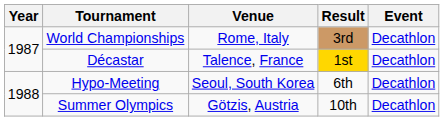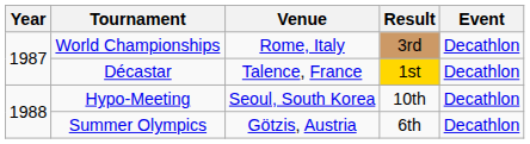 <table class="wikitable" style=" text-align:center; font-size:95%;" width="75%">
 <tr>
 <th>Year</th>
 <th>Tournament</th>
 <th>Venue</th>
 <th>Result</th>
 <th>Event</th>
 </tr>
 <tr>
 <td rowspan=2>1987</td>
 <td><a href='#'>World Championships</a></td>
 <td><a href='#'>Rome, Italy</a></td>
 <td bgcolor=cc9966>3rd</td>
 <td><a href='#'>Decathlon</a></td>
 </tr>
 <tr>
 <td><a href='#'>Décastar</a></td>
 <td><a href='#'>Talence</a>, <a href='#'>France</a></td>
 <td bgcolor="gold">1st</td>
 <td><a href='#'>Decathlon</a></td>
 </tr>
 <tr>
 <td rowspan=2>1988</td>
 <td><a href='#'>Hypo-Meeting</a></td>
 <td><a href='#'>Seoul, South Korea</a></td>
-<td>6th</td>
+<td>10th</td>
 <td><a href='#'>Decathlon</a></td>
 </tr>
 <tr>
 <td><a href='#'>Summer Olympics</a></td>
 <td><a href='#'>Götzis</a>, <a href='#'>Austria</a></td>
-<td>10th</td>
+<td>6th</td>
 <td><a href='#'>Decathlon</a></td>
 </tr>
 </table>
